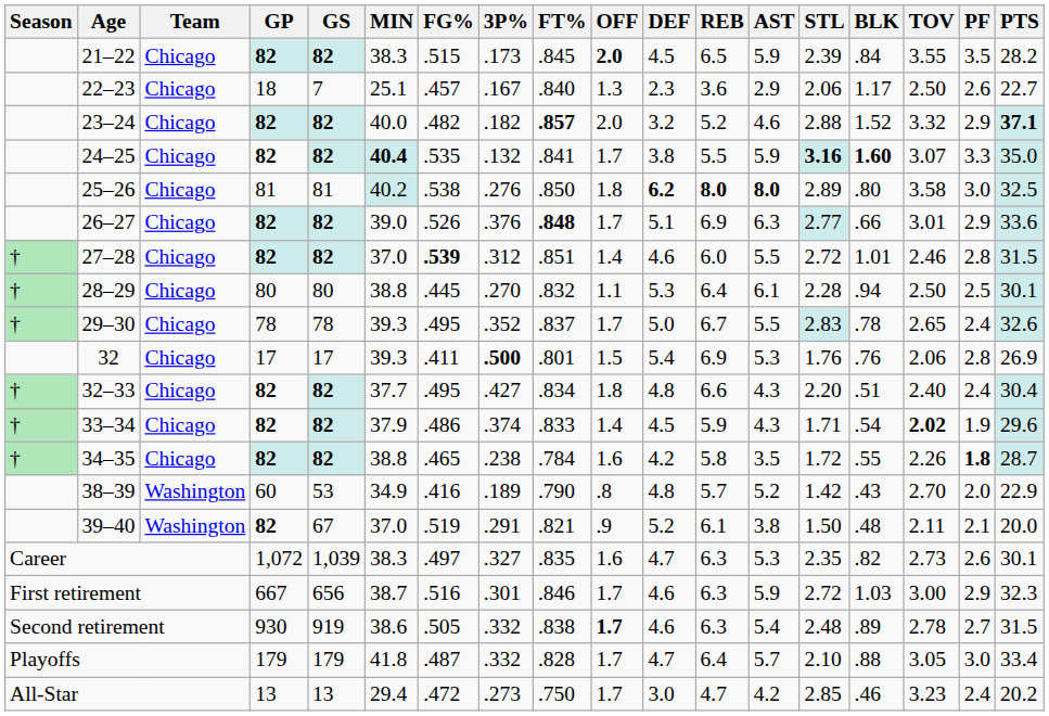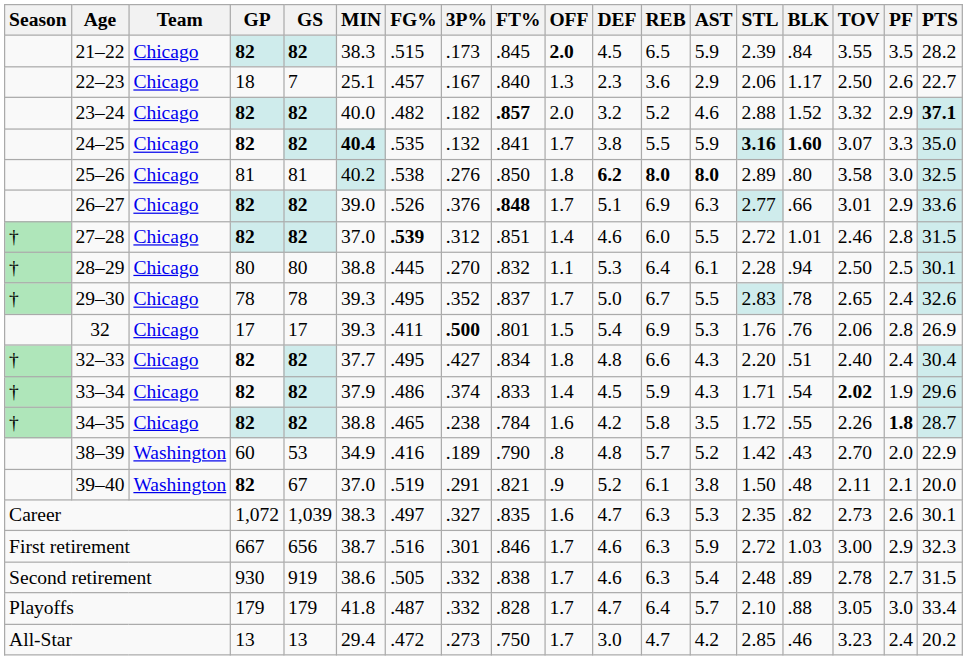 <table class="wikitable sortable" text-align:right;">
 <tr>
 <th>Season</th>
 <th>Age</th>
 <th>Team</th>
 <th>GP</th>
 <th>GS</th>
 <th>MIN</th>
 <th>FG%</th>
 <th>3P%</th>
 <th>FT%</th>
 <th>OFF</th>
 <th>DEF</th>
 <th>REB</th>
 <th>AST</th>
 <th>STL</th>
 <th>BLK</th>
 <th>TOV</th>
 <th>PF</th>
 <th>PTS</th>
 </tr>
 <tr>
 <td style="text-align:left;"></td>
 <td style="text-align:center;">21–22</td>
 <td style="text-align:left;"><a href='#'>Chicago</a></td>
 <td style="background:#cfecec;"><strong>82</strong></td>
 <td style="background:#cfecec;"><strong>82</strong></td>
 <td>38.3</td>
 <td>.515</td>
 <td>.173</td>
 <td>.845</td>
 <td><strong>2.0</strong></td>
 <td>4.5</td>
 <td>6.5</td>
 <td>5.9</td>
 <td>2.39</td>
 <td>.84</td>
 <td>3.55</td>
 <td>3.5</td>
 <td>28.2</td>
 </tr>
 <tr>
 <td style="text-align:left;"></td>
 <td style="text-align:center;">22–23</td>
 <td style="text-align:left;"><a href='#'>Chicago</a></td>
 <td>18</td>
 <td>7</td>
 <td>25.1</td>
 <td>.457</td>
 <td>.167</td>
 <td>.840</td>
 <td>1.3</td>
 <td>2.3</td>
 <td>3.6</td>
 <td>2.9</td>
 <td>2.06</td>
 <td>1.17</td>
 <td>2.50</td>
 <td>2.6</td>
 <td>22.7</td>
 </tr>
 <tr>
 <td style="text-align:left;"></td>
 <td style="text-align:center;">23–24</td>
 <td style="text-align:left;"><a href='#'>Chicago</a></td>
 <td style="background:#cfecec;"><strong>82</strong></td>
 <td style="background:#cfecec;"><strong>82</strong></td>
 <td>40.0</td>
 <td>.482</td>
 <td>.182</td>
 <td><strong>.857</strong></td>
 <td>2.0</td>
 <td>3.2</td>
 <td>5.2</td>
 <td>4.6</td>
 <td>2.88</td>
 <td>1.52</td>
 <td>3.32</td>
 <td>2.9</td>
 <td style="background:#cfecec;"><strong>37.1</strong></td>
 </tr>
 <tr>
 <td style="text-align:left;"></td>
 <td style="text-align:center;">24–25</td>
 <td style="text-align:left;"><a href='#'>Chicago</a></td>
 <td><strong>82</strong></td>
 <td style="background:#cfecec;"><strong>82</strong></td>
 <td style="background:#cfecec;"><strong>40.4</strong></td>
 <td>.535</td>
 <td>.132</td>
 <td>.841</td>
 <td>1.7</td>
 <td>3.8</td>
 <td>5.5</td>
 <td>5.9</td>
 <td style="background:#cfecec;"><strong>3.16</strong></td>
 <td><strong>1.60</strong></td>
 <td>3.07</td>
 <td>3.3</td>
 <td style="background:#cfecec;">35.0</td>
 </tr>
 <tr>
 <td style="text-align:left;"></td>
 <td style="text-align:center;">25–26</td>
 <td style="text-align:left;"><a href='#'>Chicago</a></td>
 <td>81</td>
 <td>81</td>
 <td style="background:#cfecec;">40.2</td>
 <td>.538</td>
 <td>.276</td>
 <td>.850</td>
 <td>1.8</td>
 <td><strong>6.2</strong></td>
 <td><strong>8.0</strong></td>
 <td><strong>8.0</strong></td>
 <td>2.89</td>
 <td>.80</td>
 <td>3.58</td>
 <td>3.0</td>
 <td style="background:#cfecec;">32.5</td>
 </tr>
 <tr>
 <td style="text-align:left;"></td>
 <td style="text-align:center;">26–27</td>
 <td style="text-align:left;"><a href='#'>Chicago</a></td>
 <td style="background:#cfecec;"><strong>82</strong></td>
 <td style="background:#cfecec;"><strong>82</strong></td>
 <td>39.0</td>
 <td>.526</td>
 <td>.376</td>
 <td><strong>.848</strong></td>
 <td>1.7</td>
 <td>5.1</td>
 <td>6.9</td>
 <td>6.3</td>
 <td style="background:#cfecec;">2.77</td>
 <td>.66</td>
 <td>3.01</td>
 <td>2.9</td>
 <td style="background:#cfecec;">33.6</td>
 </tr>
 <tr>
 <td style="text-align:left; background:#afe6ba;">†</td>
 <td style="text-align:center;">27–28</td>
 <td style="text-align:left;"><a href='#'>Chicago</a></td>
 <td style="background:#cfecec;"><strong>82</strong></td>
 <td style="background:#cfecec;"><strong>82</strong></td>
 <td>37.0</td>
 <td><strong>.539</strong></td>
 <td>.312</td>
 <td>.851</td>
 <td>1.4</td>
 <td>4.6</td>
 <td>6.0</td>
 <td>5.5</td>
 <td>2.72</td>
 <td>1.01</td>
 <td>2.46</td>
 <td>2.8</td>
 <td style="background:#cfecec;">31.5</td>
 </tr>
 <tr>
 <td style="text-align:left; background:#afe6ba;">†</td>
 <td style="text-align:center;">28–29</td>
 <td style="text-align:left;"><a href='#'>Chicago</a></td>
 <td>80</td>
 <td>80</td>
 <td>38.8</td>
 <td>.445</td>
 <td>.270</td>
 <td>.832</td>
 <td>1.1</td>
 <td>5.3</td>
 <td>6.4</td>
 <td>6.1</td>
 <td>2.28</td>
 <td>.94</td>
 <td>2.50</td>
 <td>2.5</td>
 <td style="background:#cfecec;">30.1</td>
 </tr>
 <tr>
 <td style="text-align:left; background:#afe6ba;">†</td>
 <td style="text-align:center;">29–30</td>
 <td style="text-align:left;"><a href='#'>Chicago</a></td>
 <td>78</td>
 <td>78</td>
 <td>39.3</td>
 <td>.495</td>
 <td>.352</td>
 <td>.837</td>
 <td>1.7</td>
 <td>5.0</td>
 <td>6.7</td>
 <td>5.5</td>
 <td style="background:#cfecec;">2.83</td>
 <td>.78</td>
 <td>2.65</td>
 <td>2.4</td>
 <td style="background:#cfecec;">32.6</td>
 </tr>
 <tr>
 <td style="text-align:left;"></td>
 <td style="text-align:center;">32</td>
 <td style="text-align:left;"><a href='#'>Chicago</a></td>
 <td>17</td>
 <td>17</td>
 <td>39.3</td>
 <td>.411</td>
 <td><strong>.500</strong></td>
 <td>.801</td>
 <td>1.5</td>
 <td>5.4</td>
 <td>6.9</td>
 <td>5.3</td>
 <td>1.76</td>
 <td>.76</td>
 <td>2.06</td>
 <td>2.8</td>
 <td>26.9</td>
 </tr>
 <tr>
 <td style="text-align:left; background:#afe6ba;">†</td>
 <td style="text-align:center;">32–33</td>
 <td style="text-align:left;"><a href='#'>Chicago</a></td>
 <td><strong>82</strong></td>
 <td style="background:#cfecec;"><strong>82</strong></td>
 <td>37.7</td>
 <td>.495</td>
 <td>.427</td>
 <td>.834</td>
 <td>1.8</td>
 <td>4.8</td>
 <td>6.6</td>
 <td>4.3</td>
 <td>2.20</td>
 <td>.51</td>
 <td>2.40</td>
 <td>2.4</td>
 <td style="background:#cfecec;">30.4</td>
 </tr>
 <tr>
 <td style="text-align:left; background:#afe6ba;">†</td>
 <td style="text-align:center;">33–34</td>
 <td style="text-align:left;"><a href='#'>Chicago</a></td>
 <td><strong>82</strong></td>
 <td style="background:#cfecec;"><strong>82</strong></td>
 <td>37.9</td>
 <td>.486</td>
 <td>.374</td>
 <td>.833</td>
 <td>1.4</td>
 <td>4.5</td>
 <td>5.9</td>
 <td>4.3</td>
 <td>1.71</td>
 <td>.54</td>
 <td><strong>2.02</strong></td>
 <td>1.9</td>
 <td style="background:#cfecec;">29.6</td>
 </tr>
 <tr>
 <td style="text-align:left; background:#afe6ba;">†</td>
 <td style="text-align:center;">34–35</td>
 <td style="text-align:left;"><a href='#'>Chicago</a></td>
 <td style="background:#cfecec;"><strong>82</strong></td>
 <td style="background:#cfecec;"><strong>82</strong></td>
 <td>38.8</td>
 <td>.465</td>
 <td>.238</td>
 <td>.784</td>
 <td>1.6</td>
 <td>4.2</td>
 <td>5.8</td>
 <td>3.5</td>
 <td>1.72</td>
 <td>.55</td>
 <td>2.26</td>
 <td><strong>1.8</strong></td>
 <td style="background:#cfecec;">28.7</td>
 </tr>
 <tr>
 <td style="text-align:left;"></td>
 <td style="text-align:center;">38–39</td>
 <td style="text-align:left;"><a href='#'>Washington</a></td>
 <td>60</td>
 <td>53</td>
 <td>34.9</td>
 <td>.416</td>
 <td>.189</td>
 <td>.790</td>
 <td>.8</td>
 <td>4.8</td>
 <td>5.7</td>
 <td>5.2</td>
 <td>1.42</td>
 <td>.43</td>
 <td>2.70</td>
 <td>2.0</td>
 <td>22.9</td>
 </tr>
 <tr>
 <td style="text-align:left;"></td>
 <td style="text-align:center;">39–40</td>
 <td style="text-align:left;"><a href='#'>Washington</a></td>
 <td><strong>82</strong></td>
 <td>67</td>
 <td>37.0</td>
 <td>.519</td>
 <td>.291</td>
 <td>.821</td>
 <td>.9</td>
 <td>5.2</td>
 <td>6.1</td>
 <td>3.8</td>
 <td>1.50</td>
 <td>.48</td>
 <td>2.11</td>
 <td>2.1</td>
 <td>20.0</td>
 </tr>
 <tr class="sortbottom">
 <td style="text-align:left;" colspan="3">Career</td>
 <td>1,072</td>
 <td>1,039</td>
 <td>38.3</td>
 <td>.497</td>
 <td>.327</td>
 <td>.835</td>
 <td>1.6</td>
 <td>4.7</td>
 <td>6.3</td>
 <td>5.3</td>
 <td>2.35</td>
 <td>.82</td>
 <td>2.73</td>
 <td>2.6</td>
 <td>30.1</td>
 </tr>
 <tr class="sortbottom">
 <td style="text-align:left;" colspan="3">First retirement</td>
 <td>667</td>
 <td>656</td>
 <td>38.7</td>
 <td>.516</td>
 <td>.301</td>
 <td>.846</td>
 <td>1.7</td>
 <td>4.6</td>
 <td>6.3</td>
 <td>5.9</td>
 <td>2.72</td>
 <td>1.03</td>
 <td>3.00</td>
 <td>2.9</td>
 <td>32.3</td>
 </tr>
 <tr class="sortbottom">
 <td style="text-align:left;" colspan="3">Second retirement</td>
 <td>930</td>
 <td>919</td>
 <td>38.6</td>
 <td>.505</td>
 <td>.332</td>
 <td>.838</td>
-<td><strong>1.7</strong></td>
+<td>1.7</td>
 <td>4.6</td>
 <td>6.3</td>
 <td>5.4</td>
 <td>2.48</td>
 <td>.89</td>
 <td>2.78</td>
 <td>2.7</td>
 <td>31.5</td>
 </tr>
 <tr class="sortbottom">
 <td style="text-align:left;" colspan="3">Playoffs</td>
 <td>179</td>
 <td>179</td>
 <td>41.8</td>
 <td>.487</td>
 <td>.332</td>
 <td>.828</td>
 <td>1.7</td>
 <td>4.7</td>
 <td>6.4</td>
 <td>5.7</td>
 <td>2.10</td>
 <td>.88</td>
 <td>3.05</td>
 <td>3.0</td>
 <td>33.4</td>
 </tr>
 <tr class="sortbottom">
 <td style="text-align:left;" colspan="3">All-Star</td>
 <td>13</td>
 <td>13</td>
 <td>29.4</td>
 <td>.472</td>
 <td>.273</td>
 <td>.750</td>
 <td>1.7</td>
 <td>3.0</td>
 <td>4.7</td>
 <td>4.2</td>
 <td>2.85</td>
 <td>.46</td>
 <td>3.23</td>
 <td>2.4</td>
 <td>20.2</td>
 </tr>
 </table>
